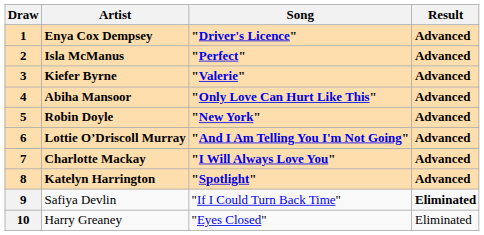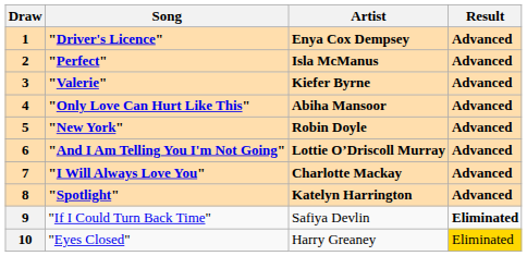 <table class="sortable wikitable plainrowheaders" style="margin: 1em auto 1em auto;">
 <tr>
 <th scope="col">Draw</th>
+<th scope="col">Song </th>
 <th scope="col">Artist</th>
-<th scope="col">Song </th>
 <th scope="col">Result</th>
 </tr>
 <tr style="font-weight: bold; background:navajowhite;">
 <th scope="row" style="text-align:center; font-weight:bold; background:navajowhite">1</th>
+<td>"<a href='#'>Driver's Licence</a>" </td>
 <td>Enya Cox Dempsey</td>
-<td>"<a href='#'>Driver's Licence</a>" </td>
 <td>Advanced</td>
 </tr>
 <tr style="font-weight: bold; background:navajowhite;">
 <th scope="row" style="text-align:center; font-weight:bold; background:navajowhite">2</th>
+<td>"<a href='#'>Perfect</a>" </td>
 <td>Isla McManus</td>
-<td>"<a href='#'>Perfect</a>" </td>
 <td>Advanced</td>
 </tr>
 <tr style="font-weight: bold; background:navajowhite;">
 <th scope="row" style="text-align:center; font-weight:bold; background:navajowhite">3</th>
+<td>"<a href='#'>Valerie</a>" </td>
 <td>Kiefer Byrne</td>
-<td>"<a href='#'>Valerie</a>" </td>
 <td>Advanced</td>
 </tr>
 <tr style="font-weight: bold; background:navajowhite;">
 <th scope="row" style="text-align:center; font-weight:bold; background:navajowhite">4</th>
+<td>"<a href='#'>Only Love Can Hurt Like This</a>" </td>
 <td>Abiha Mansoor</td>
-<td>"<a href='#'>Only Love Can Hurt Like This</a>" </td>
 <td>Advanced</td>
 </tr>
 <tr style="font-weight: bold; background:navajowhite;">
 <th scope="row" style="text-align:center; font-weight:bold; background:navajowhite">5</th>
+<td>"<a href='#'>New York</a>" </td>
 <td>Robin Doyle</td>
-<td>"<a href='#'>New York</a>" </td>
 <td>Advanced</td>
 </tr>
 <tr style="font-weight: bold; background:navajowhite;">
 <th scope="row" style="text-align:center; font-weight:bold; background:navajowhite">6</th>
+<td>"<a href='#'>And I Am Telling You I'm Not Going</a>" </td>
 <td>Lottie O’Driscoll Murray</td>
-<td>"<a href='#'>And I Am Telling You I'm Not Going</a>" </td>
 <td>Advanced</td>
 </tr>
 <tr style="font-weight: bold; background:navajowhite;">
 <th scope="row" style="text-align:center; font-weight:bold; background:navajowhite">7</th>
+<td>"<a href='#'>I Will Always Love You</a>" </td>
 <td>Charlotte Mackay</td>
-<td>"<a href='#'>I Will Always Love You</a>" </td>
 <td>Advanced</td>
 </tr>
 <tr style="font-weight: bold; background:navajowhite;">
 <th scope="row" style="text-align:center; font-weight:bold; background:navajowhite">8</th>
+<td>"<a href='#'>Spotlight</a>" </td>
 <td>Katelyn Harrington</td>
-<td>"<a href='#'>Spotlight</a>" </td>
 <td>Advanced</td>
 </tr>
 <tr>
 <th scope="row" style="text-align:center">9</th>
+<td>"<a href='#'>If I Could Turn Back Time</a>" </td>
 <td>Safiya Devlin</td>
-<td>"<a href='#'>If I Could Turn Back Time</a>" </td>
 <td><strong>Eliminated</strong></td>
 </tr>
 <tr>
 <th scope="row" style="text-align:center">10</th>
+<td>"<a href='#'>Eyes Closed</a>" </td>
 <td>Harry Greaney</td>
-<td>"<a href='#'>Eyes Closed</a>" </td>
-<td>Eliminated</td>
+<td style="background: gold;">Eliminated</td>
 </tr>
 </table>
